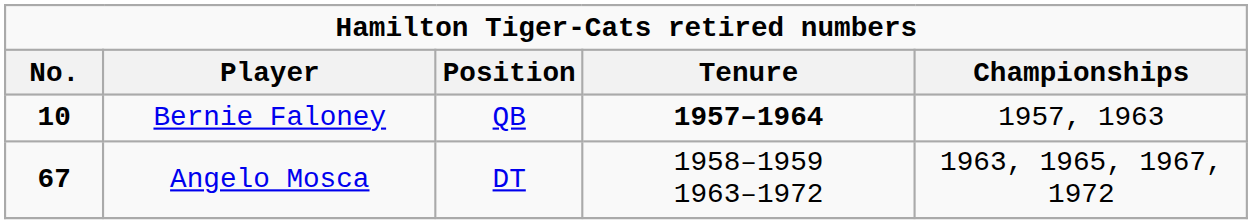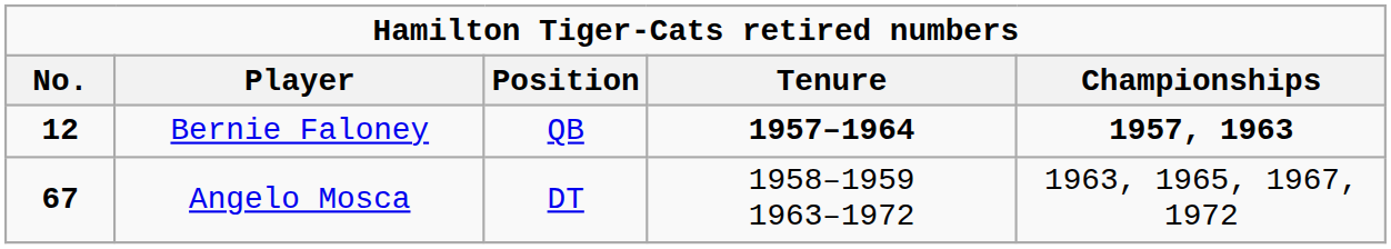 <table class="wikitable floatleft" style="text-align:center">
 <tr>
 <td colspan="5"><strong>Hamilton Tiger-Cats retired numbers</strong></td>
 </tr>
 <tr>
 <th width=40px>No.</th>
 <th width=150px>Player</th>
 <th width=40px>Position</th>
 <th width=150px>Tenure</th>
 <th width=150px>Championships</th>
 </tr>
 <tr>
-<td><strong>10</strong></td>
+<td><strong>12</strong></td>
 <td><a href='#'>Bernie Faloney</a></td>
 <td><a href='#'>QB</a></td>
 <td><strong>1957–1964</strong></td>
-<td>1957, 1963</td>
+<td><strong>1957, 1963</strong></td>
 </tr>
 <tr>
 <td><strong>67</strong></td>
 <td><a href='#'>Angelo Mosca</a></td>
 <td><a href='#'>DT</a></td>
 <td>1958–1959<br>1963–1972</td>
 <td>1963, 1965, 1967, 1972</td>
 </tr>
 <tr>
 </tr>
 </table>
